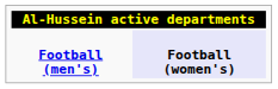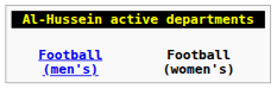 <table class="infobox" style="width: 20em; font-size: 95%em;">
 <tr style="color:yellow; background:black; text-align:center;">
 <th colspan="3" style="text-align: center">Al-Hussein active departments</th>
 </tr>
 <tr style="text-align: center">
 <td><br><strong><a href='#'>Football<br>(men's)</a></strong></td>
-<td style="background: lavender;"><br><strong>Football<br>(women's)</strong></td>
+<td><br><strong>Football<br>(women's)</strong></td>
 </tr>
 </table>
